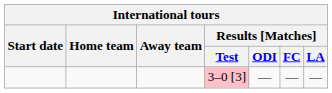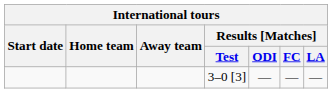 <table class="wikitable">
 <tr>
 <th colspan="7">International tours</th>
 </tr>
 <tr>
 <th rowspan="2">Start date</th>
 <th rowspan="2">Home team</th>
 <th rowspan="2">Away team</th>
 <th colspan="4">Results [Matches]</th>
 </tr>
 <tr>
 <th><a href='#'>Test</a></th>
 <th><a href='#'>ODI</a></th>
 <th><a href='#'>FC</a></th>
 <th><a href='#'>LA</a></th>
 </tr>
 <tr>
 <td><a href='#'></a></td>
 <td></td>
 <td></td>
-<td style="background: pink;">3–0 [3]</td>
+<td>3–0 [3]</td>
 <td ; style="text-align:center">—</td>
 <td ; style="text-align:center">—</td>
 <td ; style="text-align:center">—</td>
 </tr>
 </table>
